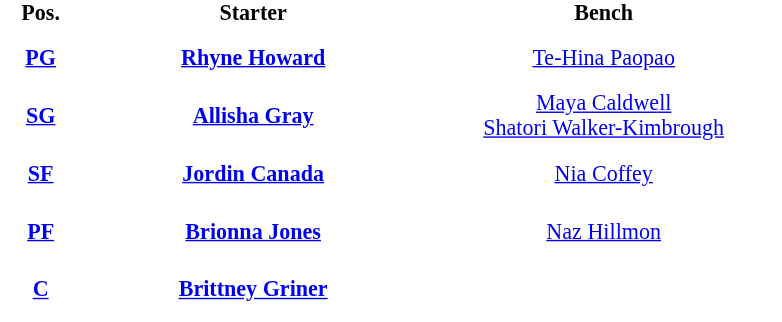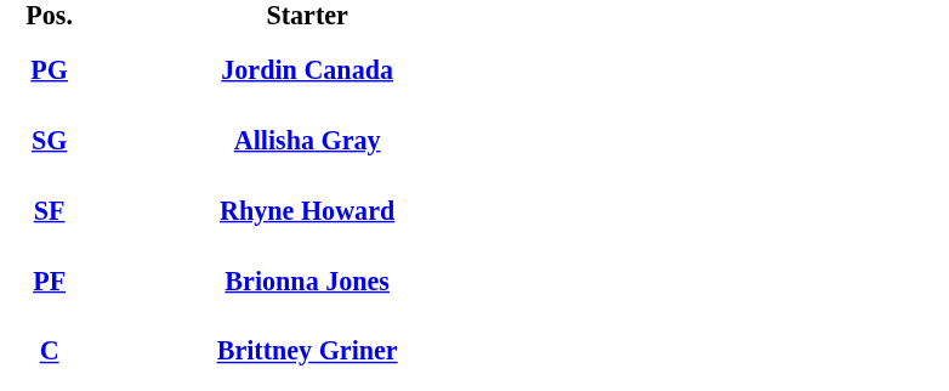 <table style="text-align:center; ">
 <tr>
 <th width="50">Pos.</th>
 <th width="250">Starter</th>
-<th width="250">Bench</th>
 </tr>
 <tr style="height:40px; background:white; color:#092C57">
 <th><a href='#'><span>PG</span></a></th>
-<td><strong><a href='#'>Rhyne Howard</a></strong></td>
-<td><a href='#'>Te-Hina Paopao</a></td>
+<td><strong><a href='#'>Jordin Canada</a> </strong></td>
 </tr>
 <tr style="height:40px; background:white; color:#092C57">
 <th><a href='#'><span>SG</span></a></th>
 <td><strong><a href='#'>Allisha Gray</a></strong></td>
-<td><a href='#'>Maya Caldwell</a><br><a href='#'>Shatori Walker-Kimbrough</a></td>
 </tr>
 <tr style="height:40px; background:white; color:#092C57">
 <th><a href='#'><span>SF</span></a></th>
-<td><strong><a href='#'>Jordin Canada</a> </strong></td>
-<td><a href='#'>Nia Coffey</a></td>
+<td><strong><a href='#'>Rhyne Howard</a></strong></td>
 </tr>
 <tr style="height:40px; background:white; color:#092C57">
 <th><a href='#'><span>PF</span></a></th>
 <td><strong><a href='#'>Brionna Jones</a></strong></td>
-<td><a href='#'>Naz Hillmon</a></td>
 </tr>
 <tr style="height:40px; background:white; color:#092C57">
 <th><a href='#'><span>C</span></a></th>
 <td><strong><a href='#'>Brittney Griner</a></strong></td>
-<td></td>
 </tr>
 </table>
